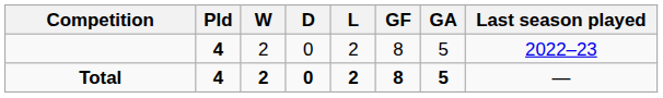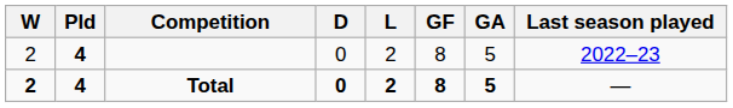 <table class="wikitable" style="font-size:95%; text-align: center;">
 <tr>
+<th width="30">W</th>
+<th width="30">Pld</th>
 <th width="150">Competition</th>
-<th width="30">Pld</th>
-<th width="30">W</th>
 <th width="30">D</th>
 <th width="30">L</th>
 <th width="30">GF</th>
 <th width="30">GA</th>
 <th width="150">Last season played</th>
 </tr>
 <tr>
+<td>2</td>
+<td><strong>4</strong></td>
 <td></td>
-<td><strong>4</strong></td>
-<td>2</td>
 <td>0</td>
 <td>2</td>
 <td>8</td>
 <td>5</td>
 <td><a href='#'>2022–23</a></td>
 </tr>
 <tr>
+<td><strong>2</strong></td>
+<td><strong>4</strong></td>
 <td><strong>Total</strong></td>
-<td><strong>4</strong></td>
-<td><strong>2</strong></td>
 <td><strong>0</strong></td>
 <td><strong>2</strong></td>
 <td><strong>8</strong></td>
 <td><strong>5</strong></td>
 <td>—</td>
 </tr>
 </table>
